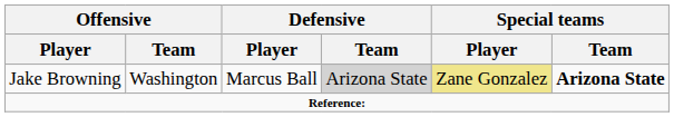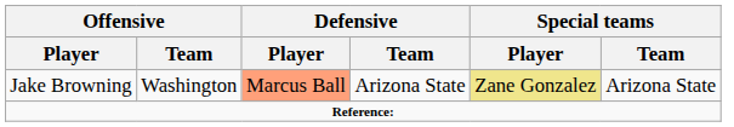 <table class="wikitable">
 <tr>
 <th colspan="2">Offensive</th>
 <th colspan="2">Defensive</th>
 <th colspan="2">Special teams</th>
 </tr>
 <tr>
 <th>Player</th>
 <th>Team</th>
 <th>Player</th>
 <th>Team</th>
 <th>Player</th>
 <th>Team</th>
 </tr>
 <tr>
 <td>Jake Browning</td>
 <td>Washington</td>
-<td>Marcus Ball</td>
-<td style="background: lightgrey;">Arizona State</td>
+<td style="background: lightsalmon;">Marcus Ball</td>
+<td>Arizona State</td>
 <td style="background: khaki;">Zane Gonzalez</td>
-<td><strong>Arizona State</strong></td>
+<td>Arizona State</td>
 </tr>
 <tr>
 <td colspan="12"  style="font-size:8pt; text-align:center;"><strong>Reference:</strong></td>
 </tr>
 </table>
